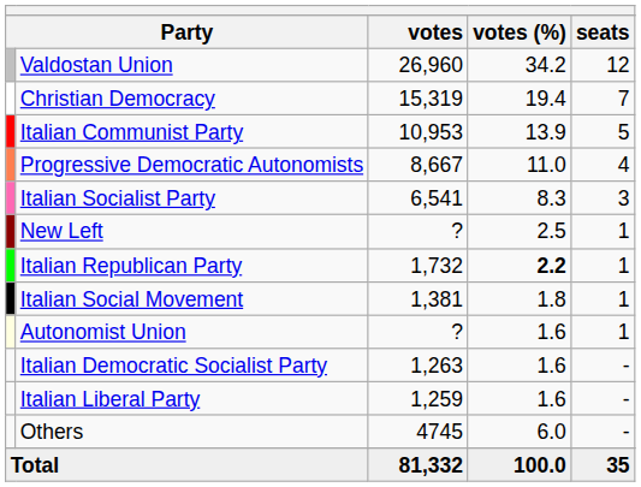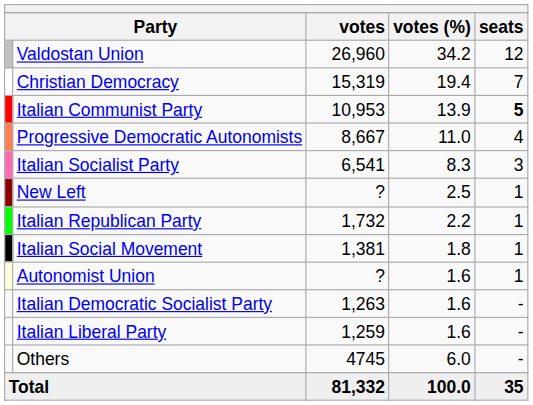 <table class="wikitable" style="font-size:95%">
 <tr>
 <th colspan=5></th>
 </tr>
 <tr>
 </tr>
 <tr bgcolor="EFEFEF">
 <th Colspan=2>Party</th>
 <th>      votes</th>
 <th>votes (%)</th>
 <th>seats</th>
 </tr>
 <tr>
 <td bgcolor=Silver></td>
 <td><a href='#'>Valdostan Union</a></td>
 <td align=right>26,960</td>
 <td align=right>34.2</td>
 <td align=right>12</td>
 </tr>
 <tr>
 <td bgcolor=White></td>
 <td><a href='#'>Christian Democracy</a></td>
 <td align=right>15,319</td>
 <td align=right>19.4</td>
 <td align=right>7</td>
 </tr>
 <tr>
 <td bgcolor=Red></td>
 <td><a href='#'>Italian Communist Party</a></td>
 <td align=right>10,953</td>
 <td align=right>13.9</td>
-<td align=right>5</td>
+<td align=right><strong>5</strong></td>
 </tr>
 <tr>
 <td bgcolor=Coral></td>
 <td><a href='#'>Progressive Democratic Autonomists</a></td>
 <td align=right>8,667</td>
 <td align=right>11.0</td>
 <td align=right>4</td>
 </tr>
 <tr>
 <td bgcolor=Hotpink></td>
 <td><a href='#'>Italian Socialist Party</a></td>
 <td align=right>6,541</td>
 <td align=right>8.3</td>
 <td align=right>3</td>
 </tr>
 <tr>
 <td bgcolor=Darkred></td>
 <td><a href='#'>New Left</a></td>
 <td align=right>?</td>
 <td align=right>2.5</td>
 <td align=right>1</td>
 </tr>
 <tr>
 <td bgcolor=Lime></td>
 <td><a href='#'>Italian Republican Party</a></td>
 <td align=right>1,732</td>
-<td align=right><strong>2.2</strong></td>
+<td align=right>2.2</td>
 <td align=right>1</td>
 </tr>
 <tr>
 <td bgcolor=Black></td>
 <td><a href='#'>Italian Social Movement</a></td>
 <td align=right>1,381</td>
 <td align=right>1.8</td>
 <td align=right>1</td>
 </tr>
 <tr>
 <td bgcolor=Lightyellow></td>
 <td><a href='#'>Autonomist Union</a></td>
 <td align=right>?</td>
 <td align=right>1.6</td>
 <td align=right>1</td>
 </tr>
 <tr>
 <td bgcolor=></td>
 <td><a href='#'>Italian Democratic Socialist Party</a></td>
 <td align=right>1,263</td>
 <td align=right>1.6</td>
 <td align=right>-</td>
 </tr>
 <tr>
 <td bgcolor=></td>
 <td><a href='#'>Italian Liberal Party</a></td>
 <td align=right>1,259</td>
 <td align=right>1.6</td>
 <td align=right>-</td>
 </tr>
 <tr>
 <td bgcolor=></td>
 <td>Others</td>
 <td align=right>4745</td>
 <td align=right>6.0</td>
 <td align=right>-</td>
 </tr>
 <tr>
 </tr>
 <tr bgcolor="EFEFEF">
 <td colspan=2><strong>Total</strong></td>
 <td align=right><strong>81,332</strong></td>
 <td align=right><strong>100.0</strong></td>
 <td align=right><strong>35</strong></td>
 </tr>
 </table>
